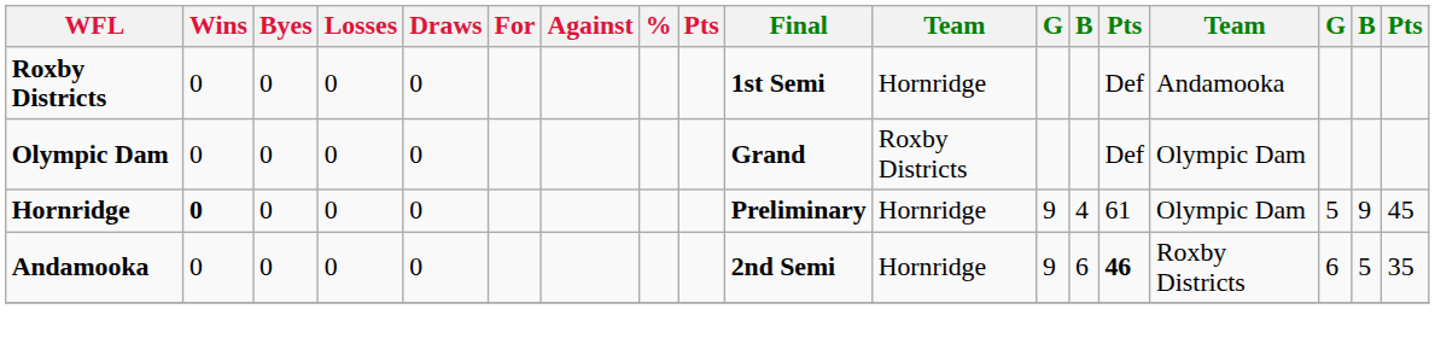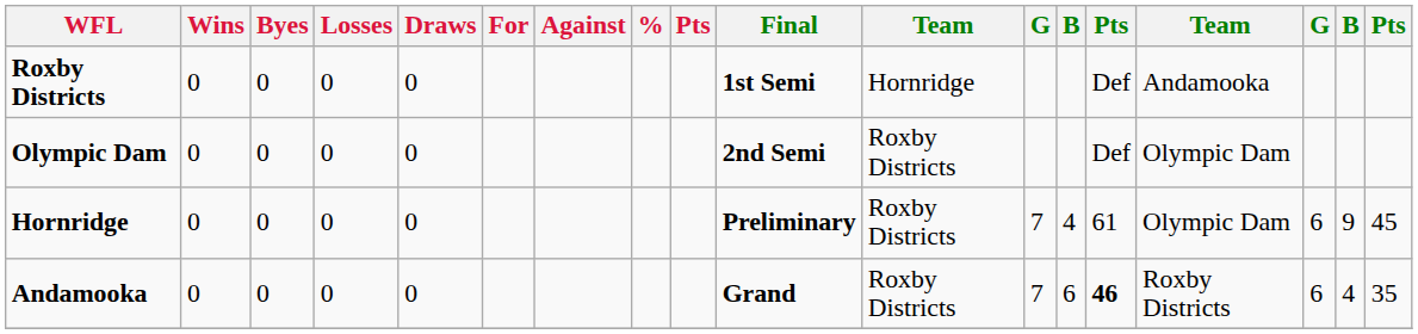 <table class="wikitable">
 <tr>
 <th style="color:crimson">WFL</th>
 <th style="color:crimson">Wins</th>
 <th style="color:crimson">Byes</th>
 <th style="color:crimson">Losses</th>
 <th style="color:crimson">Draws</th>
 <th style="color:crimson">For</th>
 <th style="color:crimson">Against</th>
 <th style="color:crimson">%</th>
 <th style="color:crimson">Pts</th>
 <th style="color:green">Final</th>
 <th style="color:green">Team</th>
 <th style="color:green">G</th>
 <th style="color:green">B</th>
 <th style="color:green">Pts</th>
 <th style="color:green">Team</th>
 <th style="color:green">G</th>
 <th style="color:green">B</th>
 <th style="color:green">Pts</th>
 </tr>
 <tr>
 <td><strong>	Roxby Districts	</strong></td>
 <td>0</td>
 <td>0</td>
 <td>0</td>
 <td>0</td>
 <td></td>
 <td></td>
 <td></td>
 <td></td>
 <td><strong>1st Semi</strong></td>
 <td>Hornridge</td>
 <td></td>
 <td></td>
 <td>Def</td>
 <td>Andamooka</td>
 <td></td>
 <td></td>
 <td></td>
 </tr>
 <tr>
 <td><strong>	Olympic Dam	</strong></td>
 <td>0</td>
 <td>0</td>
 <td>0</td>
 <td>0</td>
 <td></td>
 <td></td>
 <td></td>
 <td></td>
-<td><strong>Grand</strong></td>
+<td><strong>2nd Semi</strong></td>
 <td>Roxby Districts</td>
 <td></td>
 <td></td>
 <td>Def</td>
 <td>Olympic Dam</td>
 <td></td>
 <td></td>
 <td></td>
 </tr>
 <tr>
 <td><strong>	Hornridge	</strong></td>
-<td><strong>0</strong></td>
+<td>0</td>
 <td>0</td>
 <td>0</td>
 <td>0</td>
 <td></td>
 <td></td>
 <td></td>
 <td></td>
 <td><strong>Preliminary</strong></td>
-<td>Hornridge</td>
-<td>9</td>
+<td>Roxby Districts</td>
+<td>7</td>
 <td>4</td>
 <td>61</td>
 <td>Olympic Dam</td>
-<td>5</td>
+<td>6</td>
 <td>9</td>
 <td>45</td>
 </tr>
 <tr>
 <td><strong>	Andamooka	</strong></td>
 <td>0</td>
 <td>0</td>
 <td>0</td>
 <td>0</td>
 <td></td>
 <td></td>
 <td></td>
 <td></td>
-<td><strong>2nd Semi</strong></td>
-<td>Hornridge</td>
-<td>9</td>
+<td><strong>Grand</strong></td>
+<td>Roxby Districts</td>
+<td>7</td>
 <td>6</td>
 <td><strong>46</strong></td>
 <td>Roxby Districts</td>
 <td>6</td>
-<td>5</td>
+<td>4</td>
 <td>35</td>
 </tr>
 <tr>
 </tr>
 </table>
